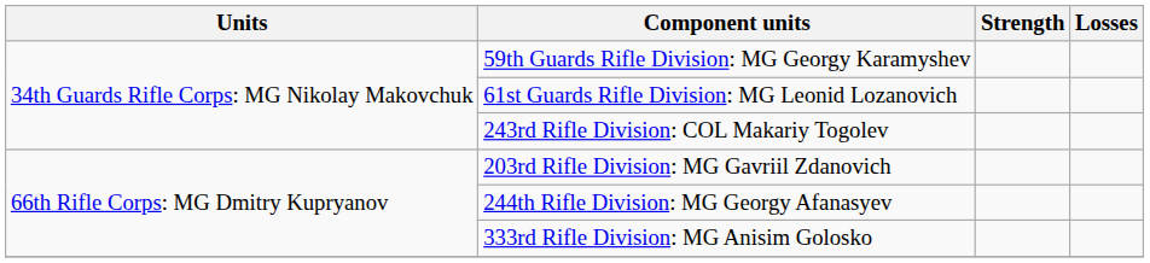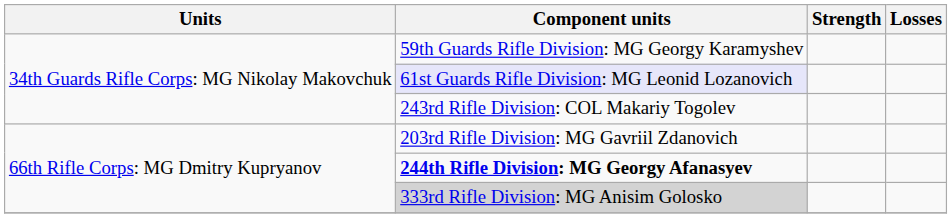 <table class="wikitable">
 <tr>
 <th>Units</th>
 <th>Component units</th>
 <th>Strength</th>
 <th>Losses</th>
 </tr>
 <tr>
 <td rowspan="3"><a href='#'>34th Guards Rifle Corps</a>: MG Nikolay Makovchuk</td>
 <td><a href='#'>59th Guards Rifle Division</a>: MG Georgy Karamyshev</td>
 <td></td>
 <td></td>
 </tr>
 <tr>
-<td><a href='#'>61st Guards Rifle Division</a>: MG Leonid Lozanovich</td>
+<td style="background: lavender;"><a href='#'>61st Guards Rifle Division</a>: MG Leonid Lozanovich</td>
 <td></td>
 <td></td>
 </tr>
 <tr>
 <td><a href='#'>243rd Rifle Division</a>: COL Makariy Togolev</td>
 <td></td>
 <td></td>
 </tr>
 <tr>
 <td rowspan="3"><a href='#'>66th Rifle Corps</a>: MG Dmitry Kupryanov</td>
 <td><a href='#'>203rd Rifle Division</a>: MG Gavriil Zdanovich</td>
 <td></td>
 <td></td>
 </tr>
 <tr>
-<td><a href='#'>244th Rifle Division</a>: MG Georgy Afanasyev</td>
+<td><strong><a href='#'>244th Rifle Division</a>: MG Georgy Afanasyev</strong></td>
 <td></td>
 <td></td>
 </tr>
 <tr>
-<td><a href='#'>333rd Rifle Division</a>: MG Anisim Golosko</td>
+<td style="background: lightgrey;"><a href='#'>333rd Rifle Division</a>: MG Anisim Golosko</td>
 <td></td>
 <td></td>
 </tr>
 <tr>
 </tr>
 </table>
